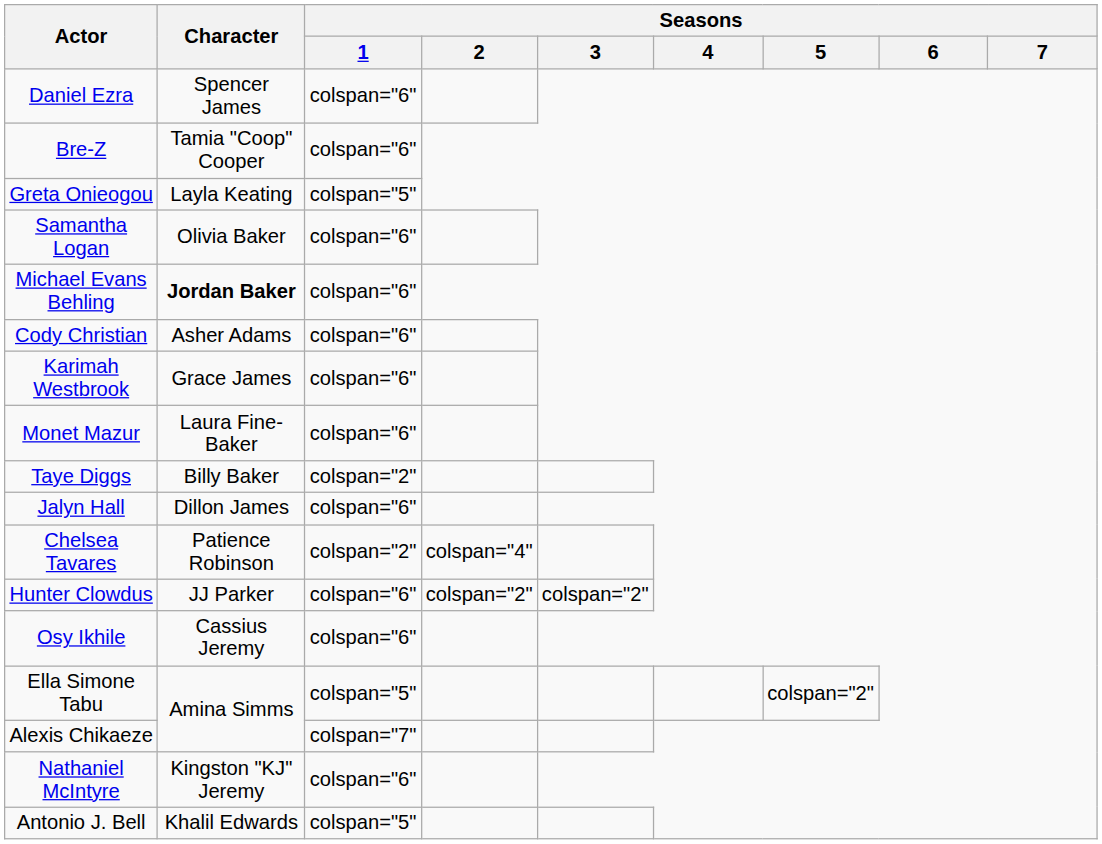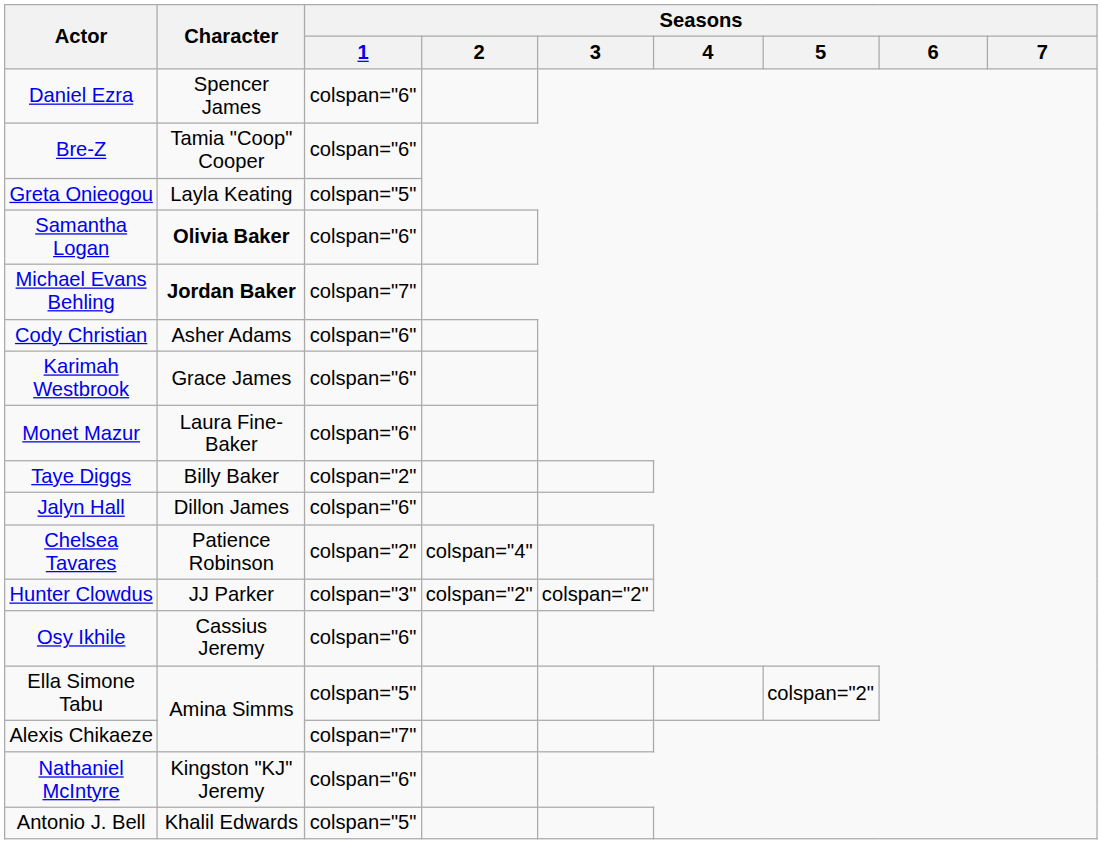 <table class="wikitable plainrowheaders" style="text-align:center">
 <tr>
 <th rowspan="2" scope="col">Actor</th>
 <th rowspan="2" scope="col">Character</th>
 <th colspan="7">Seasons</th>
 </tr>
 <tr>
 <th scope="col" width="10%"><a href='#'>1</a></th>
 <th scope="col" width="10%">2</th>
 <th scope="col" width="10%">3</th>
 <th scope="col" width="10%">4</th>
 <th scope="col" width="10%">5</th>
 <th scope="col" width="10%">6</th>
 <th scope="col" width="10%">7</th>
 </tr>
 <tr>
 <td><a href='#'>Daniel Ezra</a></td>
 <td>Spencer James</td>
 <td>colspan="6" </td>
 <td></td>
 </tr>
 <tr>
 <td><a href='#'>Bre-Z</a></td>
 <td>Tamia "Coop" Cooper</td>
 <td>colspan="6" </td>
 </tr>
 <tr>
 <td><a href='#'>Greta Onieogou</a></td>
 <td>Layla Keating</td>
 <td>colspan="5" </td>
 </tr>
 <tr>
 <td><a href='#'>Samantha Logan</a></td>
-<td>Olivia Baker</td>
+<td><strong>Olivia Baker</strong></td>
 <td>colspan="6" </td>
 <td></td>
 </tr>
 <tr>
 <td><a href='#'>Michael Evans Behling</a></td>
 <td><strong>Jordan Baker</strong></td>
-<td>colspan="6" </td>
+<td>colspan="7" </td>
 </tr>
 <tr>
 <td><a href='#'>Cody Christian</a></td>
 <td>Asher Adams</td>
 <td>colspan="6" </td>
 <td></td>
 </tr>
 <tr>
 <td><a href='#'>Karimah Westbrook</a></td>
 <td>Grace James</td>
 <td>colspan="6" </td>
 <td></td>
 </tr>
 <tr>
 <td><a href='#'>Monet Mazur</a></td>
 <td>Laura Fine-Baker</td>
 <td>colspan="6" </td>
 <td></td>
 </tr>
 <tr>
 <td><a href='#'>Taye Diggs</a></td>
 <td>Billy Baker</td>
 <td>colspan="2" </td>
 <td></td>
 <td></td>
 </tr>
 <tr>
 <td><a href='#'>Jalyn Hall</a></td>
 <td>Dillon James</td>
 <td>colspan="6" </td>
 <td></td>
 </tr>
 <tr>
 <td><a href='#'>Chelsea Tavares</a></td>
 <td>Patience Robinson</td>
 <td>colspan="2" </td>
 <td>colspan="4" </td>
 <td></td>
 </tr>
 <tr>
 <td><a href='#'>Hunter Clowdus</a></td>
 <td>JJ Parker</td>
-<td>colspan="6" </td>
+<td>colspan="3" </td>
 <td>colspan="2" </td>
 <td>colspan="2" </td>
 </tr>
 <tr>
 <td><a href='#'>Osy Ikhile</a></td>
 <td>Cassius Jeremy</td>
 <td>colspan="6" </td>
 <td></td>
 </tr>
 <tr>
 <td>Ella Simone Tabu</td>
 <td rowspan="2">Amina Simms</td>
 <td>colspan="5" </td>
 <td></td>
 <td></td>
 <td></td>
 <td>colspan="2" </td>
 </tr>
 <tr>
 <td>Alexis Chikaeze</td>
 <td>colspan="7" </td>
 <td></td>
 <td></td>
 </tr>
 <tr>
 <td><a href='#'>Nathaniel McIntyre</a></td>
 <td>Kingston "KJ" Jeremy</td>
 <td>colspan="6" </td>
 <td></td>
 </tr>
 <tr>
 <td>Antonio J. Bell</td>
 <td>Khalil Edwards</td>
 <td>colspan="5" </td>
 <td></td>
 <td></td>
 </tr>
 </table>
